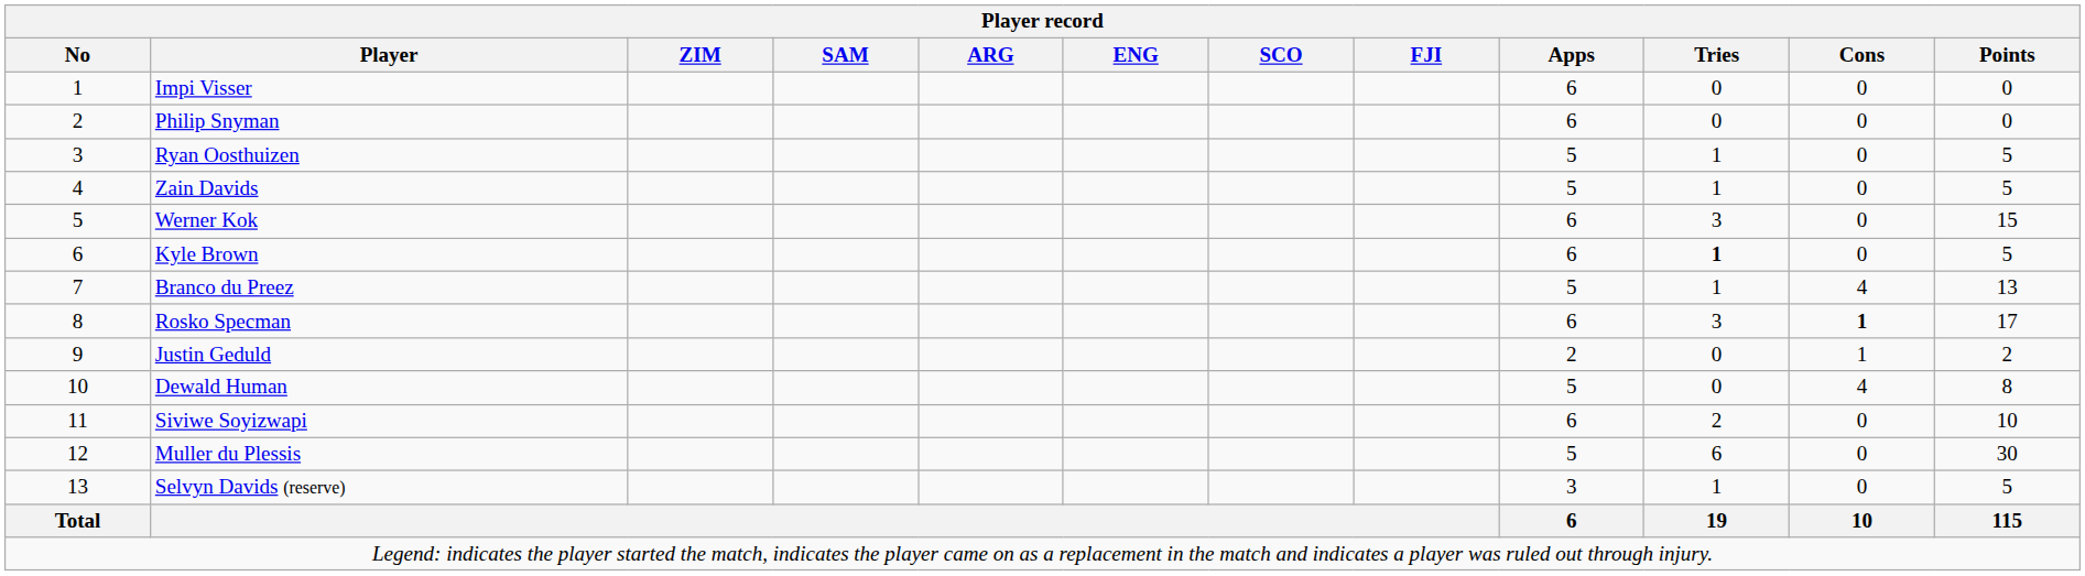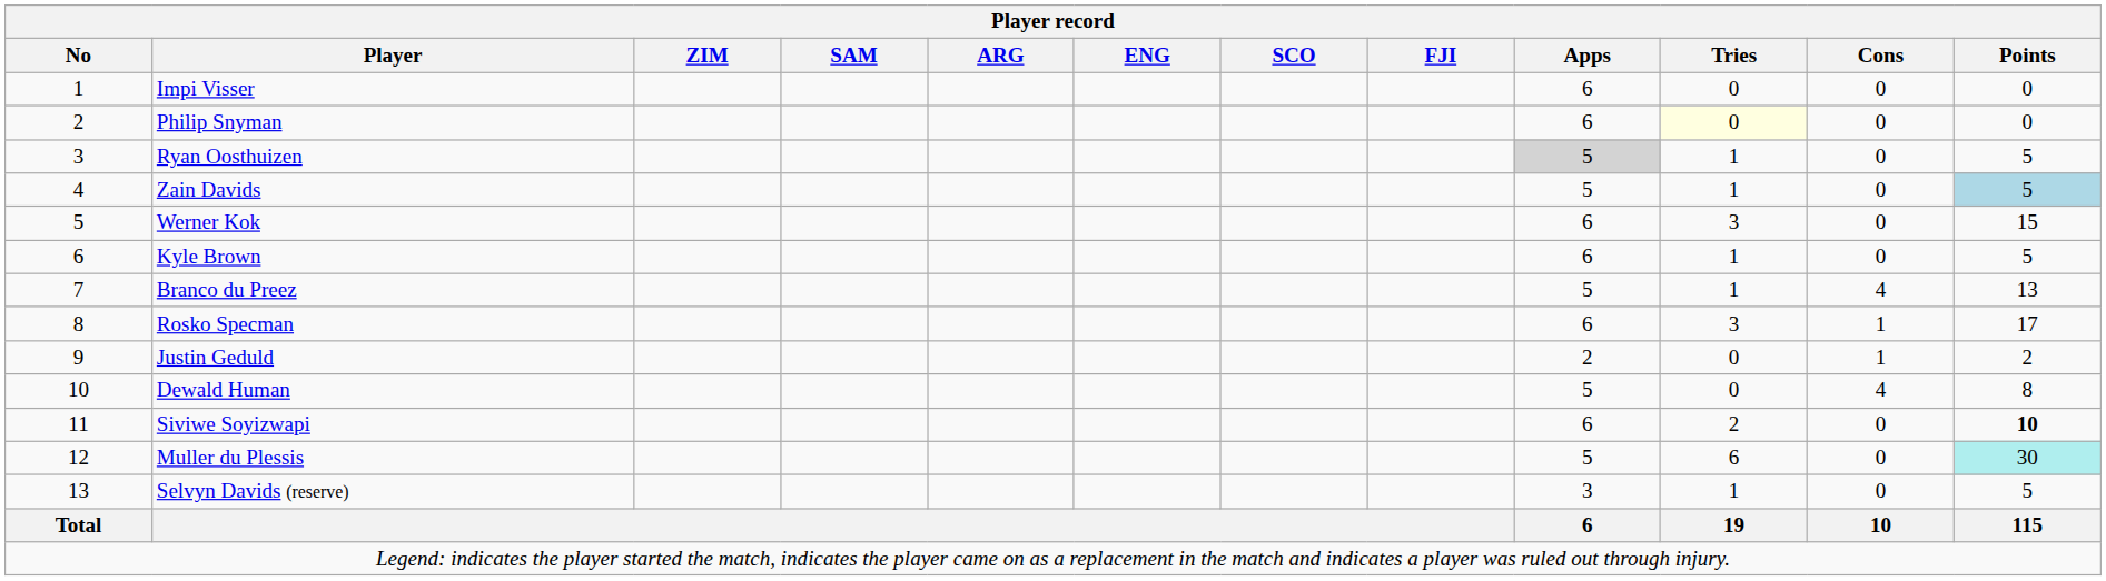 <table class="wikitable" style="text-align:center; width:100%">
 <tr>
 <th colspan="100%">Player record</th>
 </tr>
 <tr>
 <th style="width:7%;">No</th>
 <th style="width:23%;">Player</th>
 <th style="width:7%;"><a href='#'>ZIM</a></th>
 <th style="width:7%;"><a href='#'>SAM</a></th>
 <th style="width:7%;"><a href='#'>ARG</a></th>
 <th style="width:7%;"><a href='#'>ENG</a></th>
 <th style="width:7%;"><a href='#'>SCO</a></th>
 <th style="width:7%;"><a href='#'>FJI</a></th>
 <th style="width:7%;">Apps</th>
 <th style="width:7%;">Tries</th>
 <th style="width:7%;">Cons</th>
 <th style="width:7%;">Points</th>
 </tr>
 <tr>
 <td>1</td>
 <td style="text-align:left;"><a href='#'>Impi Visser</a></td>
 <td></td>
 <td></td>
 <td></td>
 <td></td>
 <td></td>
 <td></td>
 <td>6</td>
 <td>0</td>
 <td>0</td>
 <td>0</td>
 </tr>
 <tr>
 <td>2</td>
 <td style="text-align:left;"><a href='#'>Philip Snyman</a></td>
 <td></td>
 <td></td>
 <td></td>
 <td></td>
 <td></td>
 <td></td>
 <td>6</td>
-<td>0</td>
+<td style="background: lightyellow;">0</td>
 <td>0</td>
 <td>0</td>
 </tr>
 <tr>
 <td>3</td>
 <td style="text-align:left;"><a href='#'>Ryan Oosthuizen</a></td>
 <td></td>
 <td></td>
 <td></td>
 <td></td>
 <td></td>
 <td></td>
-<td>5</td>
+<td style="background: lightgrey;">5</td>
 <td>1</td>
 <td>0</td>
 <td>5</td>
 </tr>
 <tr>
 <td>4</td>
 <td style="text-align:left;"><a href='#'>Zain Davids</a></td>
 <td></td>
 <td></td>
 <td></td>
 <td></td>
 <td></td>
 <td></td>
 <td>5</td>
 <td>1</td>
 <td>0</td>
-<td>5</td>
+<td style="background: lightblue;">5</td>
 </tr>
 <tr>
 <td>5</td>
 <td style="text-align:left;"><a href='#'>Werner Kok</a></td>
 <td></td>
 <td></td>
 <td></td>
 <td></td>
 <td></td>
 <td></td>
 <td>6</td>
 <td>3</td>
 <td>0</td>
 <td>15</td>
 </tr>
 <tr>
 <td>6</td>
 <td style="text-align:left;"><a href='#'>Kyle Brown</a></td>
 <td></td>
 <td></td>
 <td></td>
 <td></td>
 <td></td>
 <td></td>
 <td>6</td>
-<td><strong>1</strong></td>
+<td>1</td>
 <td>0</td>
 <td>5</td>
 </tr>
 <tr>
 <td>7</td>
 <td style="text-align:left;"><a href='#'>Branco du Preez</a></td>
 <td></td>
 <td></td>
 <td></td>
 <td></td>
 <td></td>
 <td></td>
 <td>5</td>
 <td>1</td>
 <td>4</td>
 <td>13</td>
 </tr>
 <tr>
 <td>8</td>
 <td style="text-align:left;"><a href='#'>Rosko Specman</a></td>
 <td></td>
 <td></td>
 <td></td>
 <td></td>
 <td></td>
 <td></td>
 <td>6</td>
 <td>3</td>
-<td><strong>1</strong></td>
+<td>1</td>
 <td>17</td>
 </tr>
 <tr>
 <td>9</td>
 <td style="text-align:left;"><a href='#'>Justin Geduld</a></td>
 <td></td>
 <td></td>
 <td></td>
 <td></td>
 <td></td>
 <td></td>
 <td>2</td>
 <td>0</td>
 <td>1</td>
 <td>2</td>
 </tr>
 <tr>
 <td>10</td>
 <td style="text-align:left;"><a href='#'>Dewald Human</a></td>
 <td></td>
 <td></td>
 <td></td>
 <td></td>
 <td></td>
 <td></td>
 <td>5</td>
 <td>0</td>
 <td>4</td>
 <td>8</td>
 </tr>
 <tr>
 <td>11</td>
 <td style="text-align:left;"><a href='#'>Siviwe Soyizwapi</a></td>
 <td></td>
 <td></td>
 <td></td>
 <td></td>
 <td></td>
 <td></td>
 <td>6</td>
 <td>2</td>
 <td>0</td>
-<td>10</td>
+<td><strong>10</strong></td>
 </tr>
 <tr>
 <td>12</td>
 <td style="text-align:left;"><a href='#'>Muller du Plessis</a></td>
 <td></td>
 <td></td>
 <td></td>
 <td></td>
 <td></td>
 <td></td>
 <td>5</td>
 <td>6</td>
 <td>0</td>
-<td>30</td>
+<td style="background: paleturquoise;">30</td>
 </tr>
 <tr>
 <td>13</td>
 <td style="text-align:left;"><a href='#'>Selvyn Davids</a> <small>(reserve)</small></td>
 <td></td>
 <td></td>
 <td></td>
 <td></td>
 <td></td>
 <td></td>
 <td>3</td>
 <td>1</td>
 <td>0</td>
 <td>5</td>
 </tr>
 <tr>
 <th>Total</th>
 <th colspan="7"></th>
 <th>6</th>
 <th>19</th>
 <th>10</th>
 <th>115</th>
 </tr>
 <tr>
 <td colspan="100%"><em>Legend: <span></span> indicates the player started the match, <span></span> indicates the player came on as a replacement in the match and  indicates a player was ruled out through injury.</em></td>
 </tr>
 </table>
